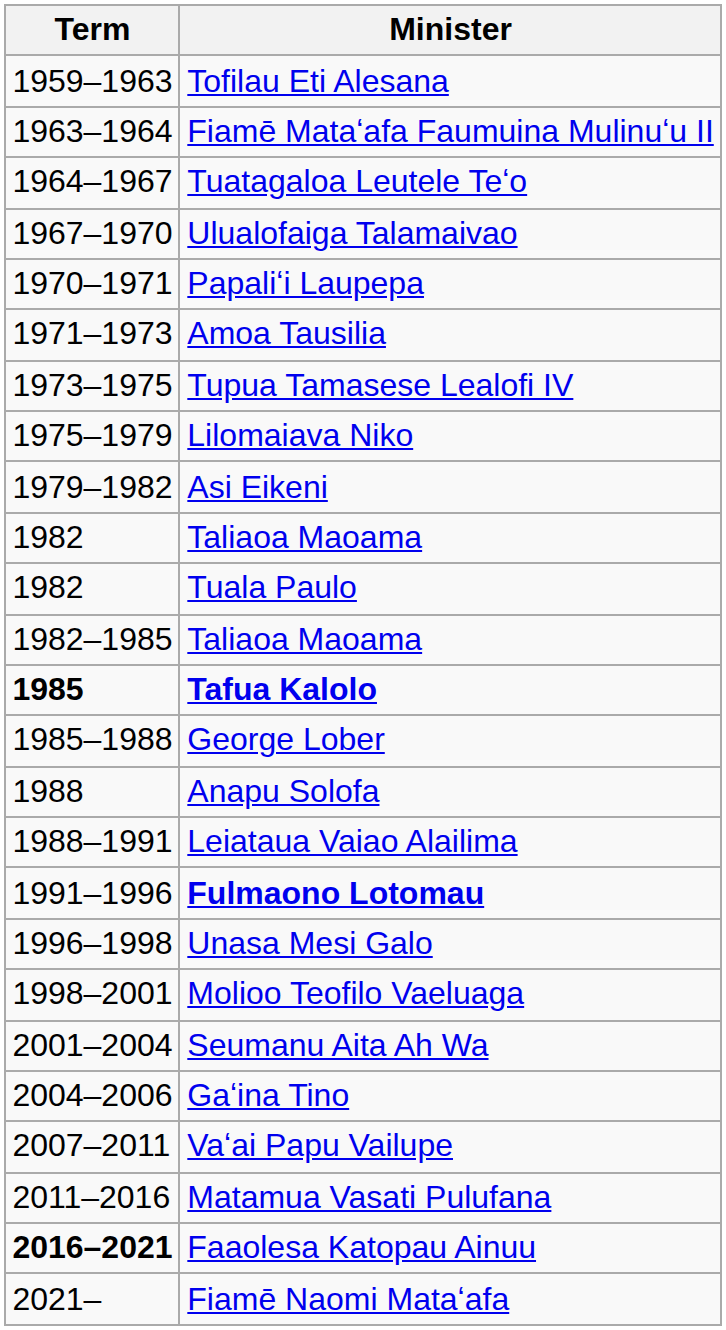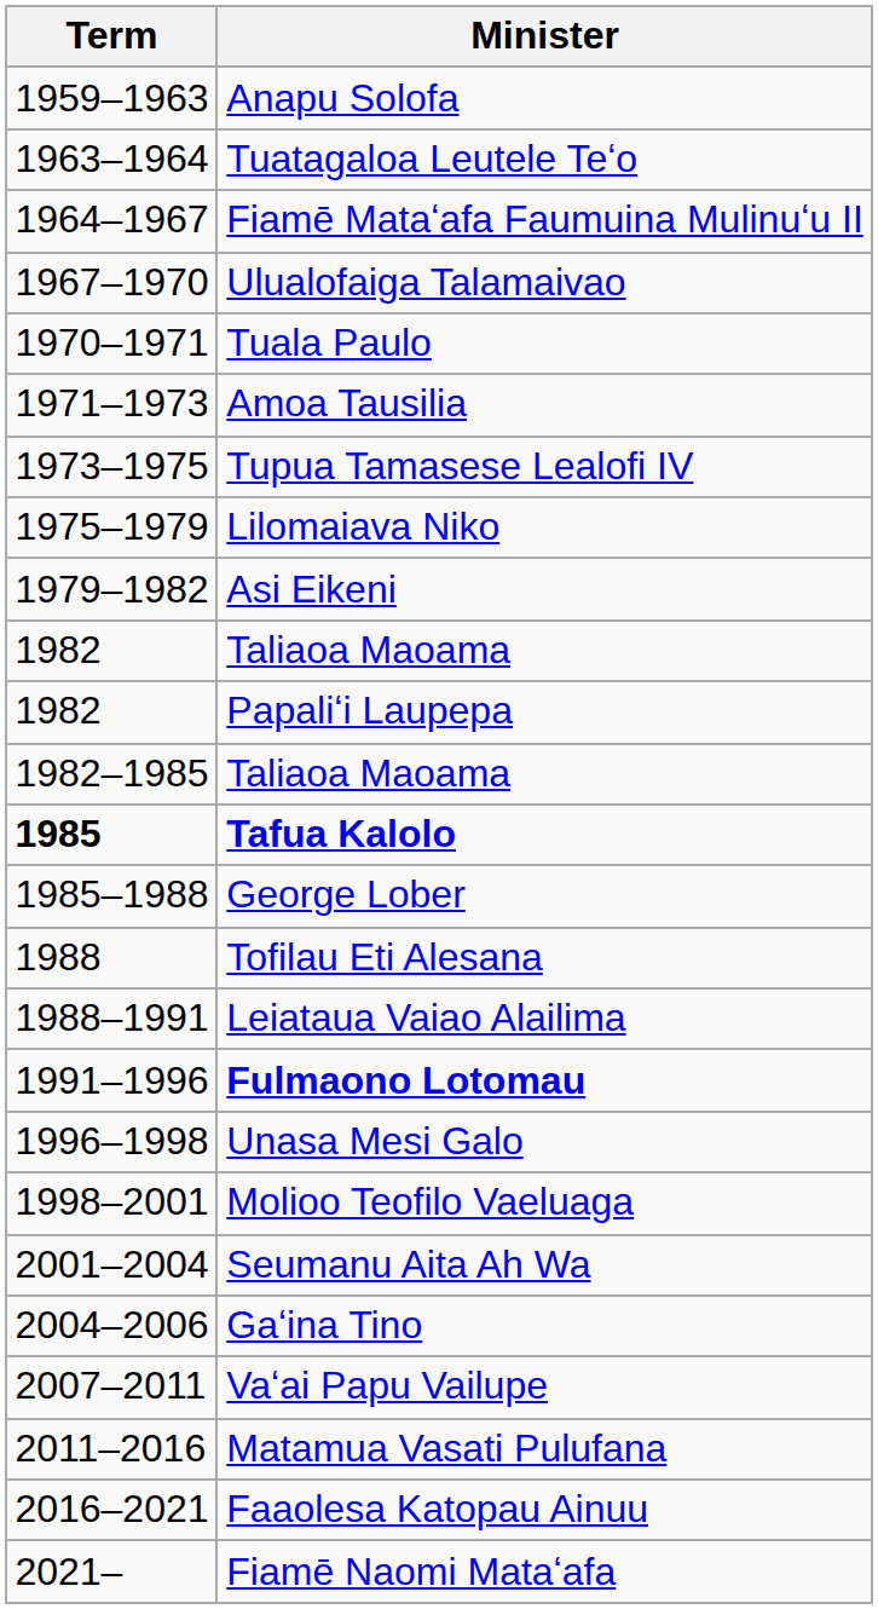 <table class=wikitable>
 <tr>
 <th>Term</th>
 <th>Minister</th>
 </tr>
 <tr>
 <td>1959–1963</td>
-<td><a href='#'>Tofilau Eti Alesana</a></td>
+<td><a href='#'>Anapu Solofa</a></td>
 </tr>
 <tr>
 <td>1963–1964</td>
-<td><a href='#'>Fiamē Mataʻafa Faumuina Mulinuʻu II</a></td>
+<td><a href='#'>Tuatagaloa Leutele Teʻo</a></td>
 </tr>
 <tr>
 <td>1964–1967</td>
-<td><a href='#'>Tuatagaloa Leutele Teʻo</a></td>
+<td><a href='#'>Fiamē Mataʻafa Faumuina Mulinuʻu II</a></td>
 </tr>
 <tr>
 <td>1967–1970</td>
 <td><a href='#'>Ulualofaiga Talamaivao</a></td>
 </tr>
 <tr>
 <td>1970–1971</td>
-<td><a href='#'>Papaliʻi Laupepa</a></td>
+<td><a href='#'>Tuala Paulo</a></td>
 </tr>
 <tr>
 <td>1971–1973</td>
 <td><a href='#'>Amoa Tausilia</a></td>
 </tr>
 <tr>
 <td>1973–1975</td>
 <td><a href='#'>Tupua Tamasese Lealofi IV</a></td>
 </tr>
 <tr>
 <td>1975–1979</td>
 <td><a href='#'>Lilomaiava Niko</a></td>
 </tr>
 <tr>
 <td>1979–1982</td>
 <td><a href='#'>Asi Eikeni</a></td>
 </tr>
 <tr>
 <td>1982</td>
 <td><a href='#'>Taliaoa Maoama</a></td>
 </tr>
 <tr>
 <td>1982</td>
-<td><a href='#'>Tuala Paulo</a></td>
+<td><a href='#'>Papaliʻi Laupepa</a></td>
 </tr>
 <tr>
 <td>1982–1985</td>
 <td><a href='#'>Taliaoa Maoama</a></td>
 </tr>
 <tr>
 <td><strong>1985</strong></td>
 <td><strong><a href='#'>Tafua Kalolo</a></strong></td>
 </tr>
 <tr>
 <td>1985–1988</td>
 <td><a href='#'>George Lober</a></td>
 </tr>
 <tr>
 <td>1988</td>
-<td><a href='#'>Anapu Solofa</a></td>
+<td><a href='#'>Tofilau Eti Alesana</a></td>
 </tr>
 <tr>
 <td>1988–1991</td>
 <td><a href='#'>Leiataua Vaiao Alailima</a></td>
 </tr>
 <tr>
 <td>1991–1996</td>
 <td><strong><a href='#'>Fulmaono Lotomau</a></strong></td>
 </tr>
 <tr>
 <td>1996–1998</td>
 <td><a href='#'>Unasa Mesi Galo</a></td>
 </tr>
 <tr>
 <td>1998–2001</td>
 <td><a href='#'>Molioo Teofilo Vaeluaga</a></td>
 </tr>
 <tr>
 <td>2001–2004</td>
 <td><a href='#'>Seumanu Aita Ah Wa</a></td>
 </tr>
 <tr>
 <td>2004–2006</td>
 <td><a href='#'>Gaʻina Tino</a></td>
 </tr>
 <tr>
 <td>2007–2011</td>
 <td><a href='#'>Vaʻai Papu Vailupe</a></td>
 </tr>
 <tr>
 <td>2011–2016</td>
 <td><a href='#'>Matamua Vasati Pulufana</a></td>
 </tr>
 <tr>
-<td><strong>2016–2021</strong></td>
+<td>2016–2021</td>
 <td><a href='#'>Faaolesa Katopau Ainuu</a></td>
 </tr>
 <tr>
 <td>2021–</td>
 <td><a href='#'>Fiamē Naomi Mataʻafa</a></td>
 </tr>
 </table>
